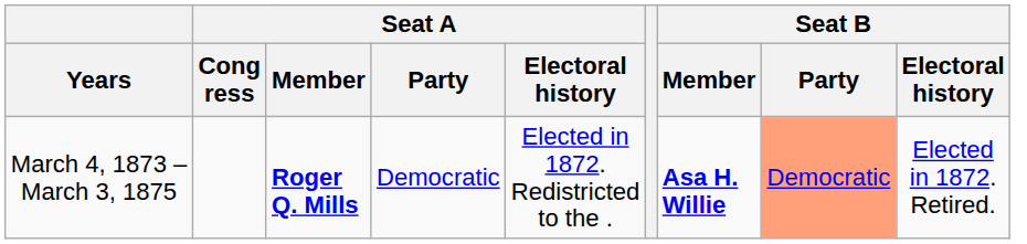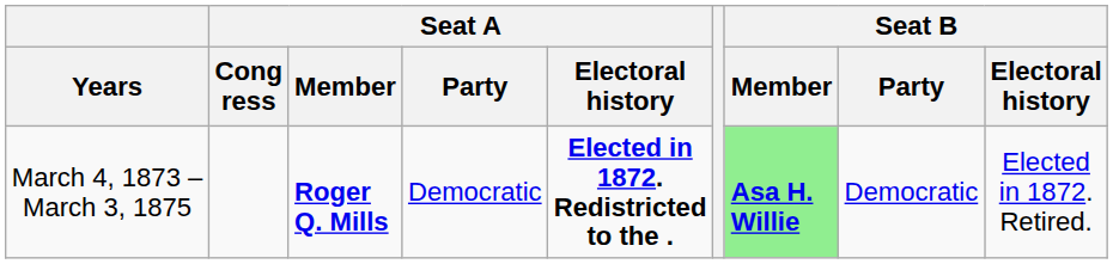 <table class=wikitable style="text-align:center">
 <tr>
 <th></th>
 <th colspan=4>Seat A</th>
 <th rowspan=10></th>
 <th colspan=4>Seat B</th>
 </tr>
 <tr style="height:3em">
 <th>Years</th>
 <th>Cong<br>ress</th>
 <th>Member</th>
 <th>Party</th>
 <th>Electoral history</th>
 <th>Member</th>
 <th>Party</th>
 <th>Electoral history</th>
 </tr>
 <tr style="height:3em">
 <td nowrap>March 4, 1873 –<br>March 3, 1875</td>
 <td></td>
 <td align=left><br><strong><a href='#'>Roger Q. Mills</a></strong><br></td>
 <td><a href='#'>Democratic</a></td>
-<td><a href='#'>Elected in 1872</a>.<br>Redistricted to the .</td>
-<td align=left><br><strong><a href='#'>Asa H. Willie</a></strong><br></td>
-<td style="background: lightsalmon;"><a href='#'>Democratic</a></td>
+<td><strong><a href='#'>Elected in 1872</a>.<br>Redistricted to the .</strong></td>
+<td align=left style="background: lightgreen;"><br><strong><a href='#'>Asa H. Willie</a></strong><br></td>
+<td><a href='#'>Democratic</a></td>
 <td><a href='#'>Elected in 1872</a>.<br>Retired.</td>
 </tr>
 </table>
